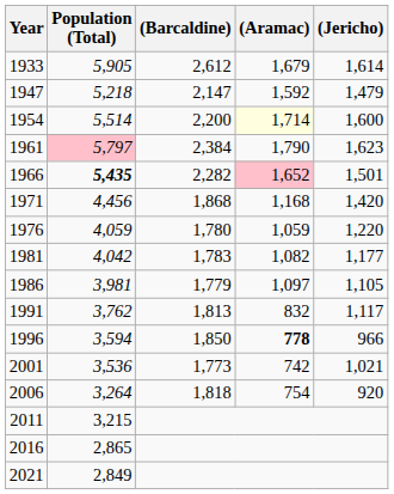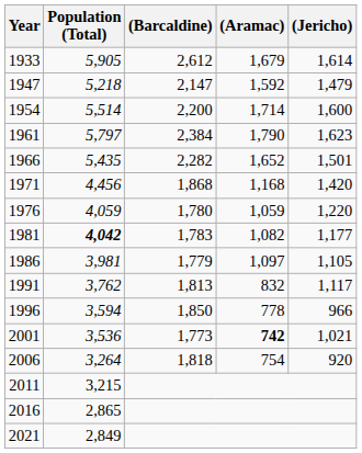 <table class="wikitable" style="text-align:right;">
 <tr>
 <th>Year</th>
 <th>Population<br>(Total)</th>
 <th>(Barcaldine)</th>
 <th>(Aramac)</th>
 <th>(Jericho)</th>
 </tr>
 <tr>
 <td>1933</td>
 <td><em>5,905</em></td>
 <td>2,612</td>
 <td>1,679</td>
 <td>1,614</td>
 </tr>
 <tr>
 <td>1947</td>
 <td><em>5,218</em></td>
 <td>2,147</td>
 <td>1,592</td>
 <td>1,479</td>
 </tr>
 <tr>
 <td>1954</td>
 <td><em>5,514</em></td>
 <td>2,200</td>
-<td style="background: lightyellow;">1,714</td>
+<td>1,714</td>
 <td>1,600</td>
 </tr>
 <tr>
 <td>1961</td>
-<td style="background: pink;"><em>5,797</em></td>
+<td><em>5,797</em></td>
 <td>2,384</td>
 <td>1,790</td>
 <td>1,623</td>
 </tr>
 <tr>
 <td>1966</td>
-<td><strong><em>5,435</em></strong></td>
+<td><em>5,435</em></td>
 <td>2,282</td>
-<td style="background: pink;">1,652</td>
+<td>1,652</td>
 <td>1,501</td>
 </tr>
 <tr>
 <td>1971</td>
 <td><em>4,456</em></td>
 <td>1,868</td>
 <td>1,168</td>
 <td>1,420</td>
 </tr>
 <tr>
 <td>1976</td>
 <td><em>4,059</em></td>
 <td>1,780</td>
 <td>1,059</td>
 <td>1,220</td>
 </tr>
 <tr>
 <td>1981</td>
-<td><em>4,042</em></td>
+<td><strong><em>4,042</em></strong></td>
 <td>1,783</td>
 <td>1,082</td>
 <td>1,177</td>
 </tr>
 <tr>
 <td>1986</td>
 <td><em>3,981</em></td>
 <td>1,779</td>
 <td>1,097</td>
 <td>1,105</td>
 </tr>
 <tr>
 <td>1991</td>
 <td><em>3,762</em></td>
 <td>1,813</td>
 <td>832</td>
 <td>1,117</td>
 </tr>
 <tr>
 <td>1996</td>
 <td><em>3,594</em></td>
 <td>1,850</td>
-<td><strong>778</strong></td>
+<td>778</td>
 <td>966</td>
 </tr>
 <tr>
 <td>2001</td>
 <td><em>3,536</em></td>
 <td>1,773</td>
-<td>742</td>
+<td><strong>742</strong></td>
 <td>1,021</td>
 </tr>
 <tr>
 <td>2006</td>
 <td><em>3,264</em></td>
 <td>1,818</td>
 <td>754</td>
 <td>920</td>
 </tr>
 <tr>
 <td>2011</td>
 <td>3,215</td>
 <td colspan=3 style="text-align: left;"></td>
 </tr>
 <tr>
 <td>2016</td>
 <td>2,865</td>
 <td colspan=3 style="text-align: left;"></td>
 </tr>
 <tr>
 <td>2021</td>
 <td>2,849</td>
 <td colspan=3 style="text-align: left;"></td>
 </tr>
 </table>
